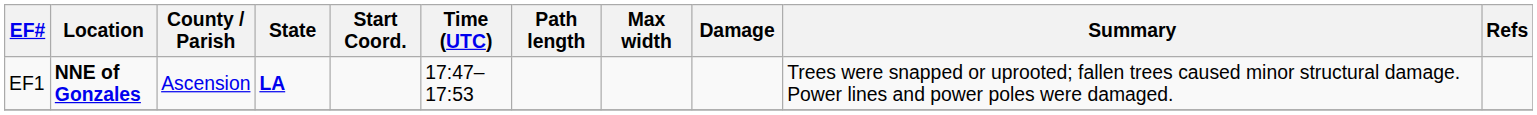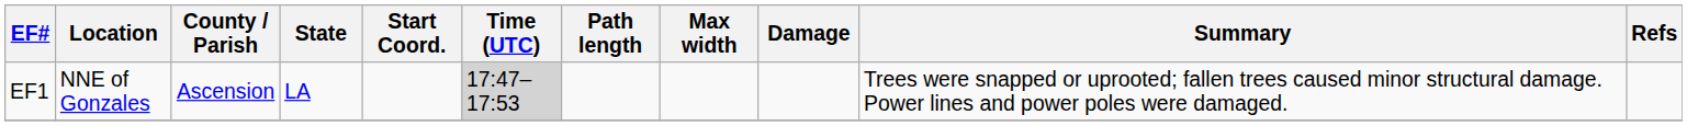 <table class="wikitable sortable" style="width:100%;">
 <tr>
 <th scope="col"  style="width:3%; text-align:center;"><a href='#'>EF#</a></th>
 <th scope="col"  style="width:7%; text-align:center;" class="unsortable">Location</th>
 <th scope="col"  style="width:6%; text-align:center;" class="unsortable">County / Parish</th>
 <th scope="col"  style="width:5%; text-align:center;">State</th>
 <th scope="col"  style="width:6%; text-align:center;">Start Coord.</th>
 <th scope="col"  style="width:6%; text-align:center;">Time (<a href='#'>UTC</a>)</th>
 <th scope="col"  style="width:6%; text-align:center;">Path length</th>
 <th scope="col"  style="width:6%; text-align:center;">Max width</th>
 <th scope="col"  style="width:6%; text-align:center;">Damage</th>
 <th scope="col" class="unsortable" style="width:48%; text-align:center;">Summary</th>
 <th scope="col" class="unsortable" style="width:48%; text-align:center;">Refs</th>
 </tr>
 <tr>
 <td>EF1</td>
-<td><strong>NNE of <a href='#'>Gonzales</a></strong></td>
+<td>NNE of <a href='#'>Gonzales</a></td>
 <td><a href='#'>Ascension</a></td>
-<td><strong><a href='#'>LA</a></strong></td>
+<td><a href='#'>LA</a></td>
 <td></td>
-<td>17:47–17:53</td>
+<td style="background: lightgrey;">17:47–17:53</td>
 <td></td>
 <td></td>
 <td></td>
 <td>Trees were snapped or uprooted; fallen trees caused minor structural damage. Power lines and power poles were damaged.</td>
 <td></td>
 </tr>
 <tr>
 </tr>
 </table>
